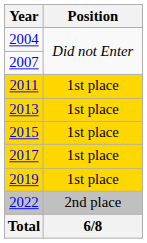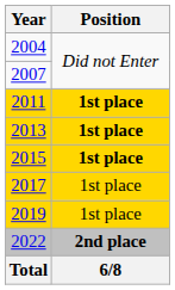 <table class="wikitable" style="text-align: center;">
 <tr>
 <th>Year</th>
 <th width="100">Position</th>
 </tr>
 <tr>
 <td> <a href='#'>2004</a></td>
 <td colspan="2" rowspan=2><em>Did not Enter</em></td>
 </tr>
 <tr>
 <td> <a href='#'>2007</a></td>
 </tr>
 <tr bgcolor=gold>
 <td> <a href='#'>2011</a></td>
-<td>1st place</td>
+<td><strong>1st place</strong></td>
 </tr>
 <tr bgcolor=gold>
 <td> <a href='#'>2013</a></td>
-<td>1st place</td>
+<td><strong>1st place</strong></td>
 </tr>
 <tr bgcolor=gold>
 <td> <a href='#'>2015</a></td>
-<td>1st place</td>
+<td><strong>1st place</strong></td>
 </tr>
 <tr bgcolor=gold>
 <td> <a href='#'>2017</a></td>
 <td>1st place</td>
 </tr>
 <tr bgcolor=gold>
 <td> <a href='#'>2019</a></td>
 <td>1st place</td>
 </tr>
 <tr bgcolor=silver>
 <td> <a href='#'>2022</a></td>
-<td>2nd place</td>
+<td><strong>2nd place</strong></td>
 </tr>
 <tr>
 <th>Total</th>
 <th>6/8</th>
 </tr>
 </table>
